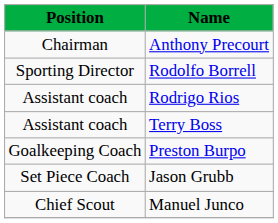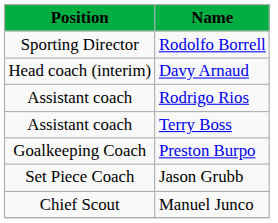 <table class="wikitable" style="text-align:center;">
 <tr>
 <th style="background:#00AE42; color:black;">Position</th>
 <th style="background:#00AE42; color:black;">Name</th>
 </tr>
 <tr>
-<td>Chairman</td>
-<td align=left> <a href='#'>Anthony Precourt</a></td>
+<td>Sporting Director</td>
+<td align=left> <a href='#'>Rodolfo Borrell</a></td>
 </tr>
 <tr>
-<td>Sporting Director</td>
-<td align=left> <a href='#'>Rodolfo Borrell</a></td>
+<td>Head coach (interim)</td>
+<td align=left> <a href='#'>Davy Arnaud</a><br></td>
 </tr>
 <tr>
 <td>Assistant coach</td>
 <td align=left> <a href='#'>Rodrigo Rios</a></td>
 </tr>
 <tr>
 <td>Assistant coach</td>
 <td align=left> <a href='#'>Terry Boss</a></td>
 </tr>
 <tr>
 <td>Goalkeeping Coach</td>
 <td align=left> <a href='#'>Preston Burpo</a></td>
 </tr>
 <tr>
 <td>Set Piece Coach</td>
 <td align=left> Jason Grubb</td>
 </tr>
 <tr>
 <td>Chief Scout</td>
 <td align=left> Manuel Junco</td>
 </tr>
 <tr>
 </tr>
 </table>
